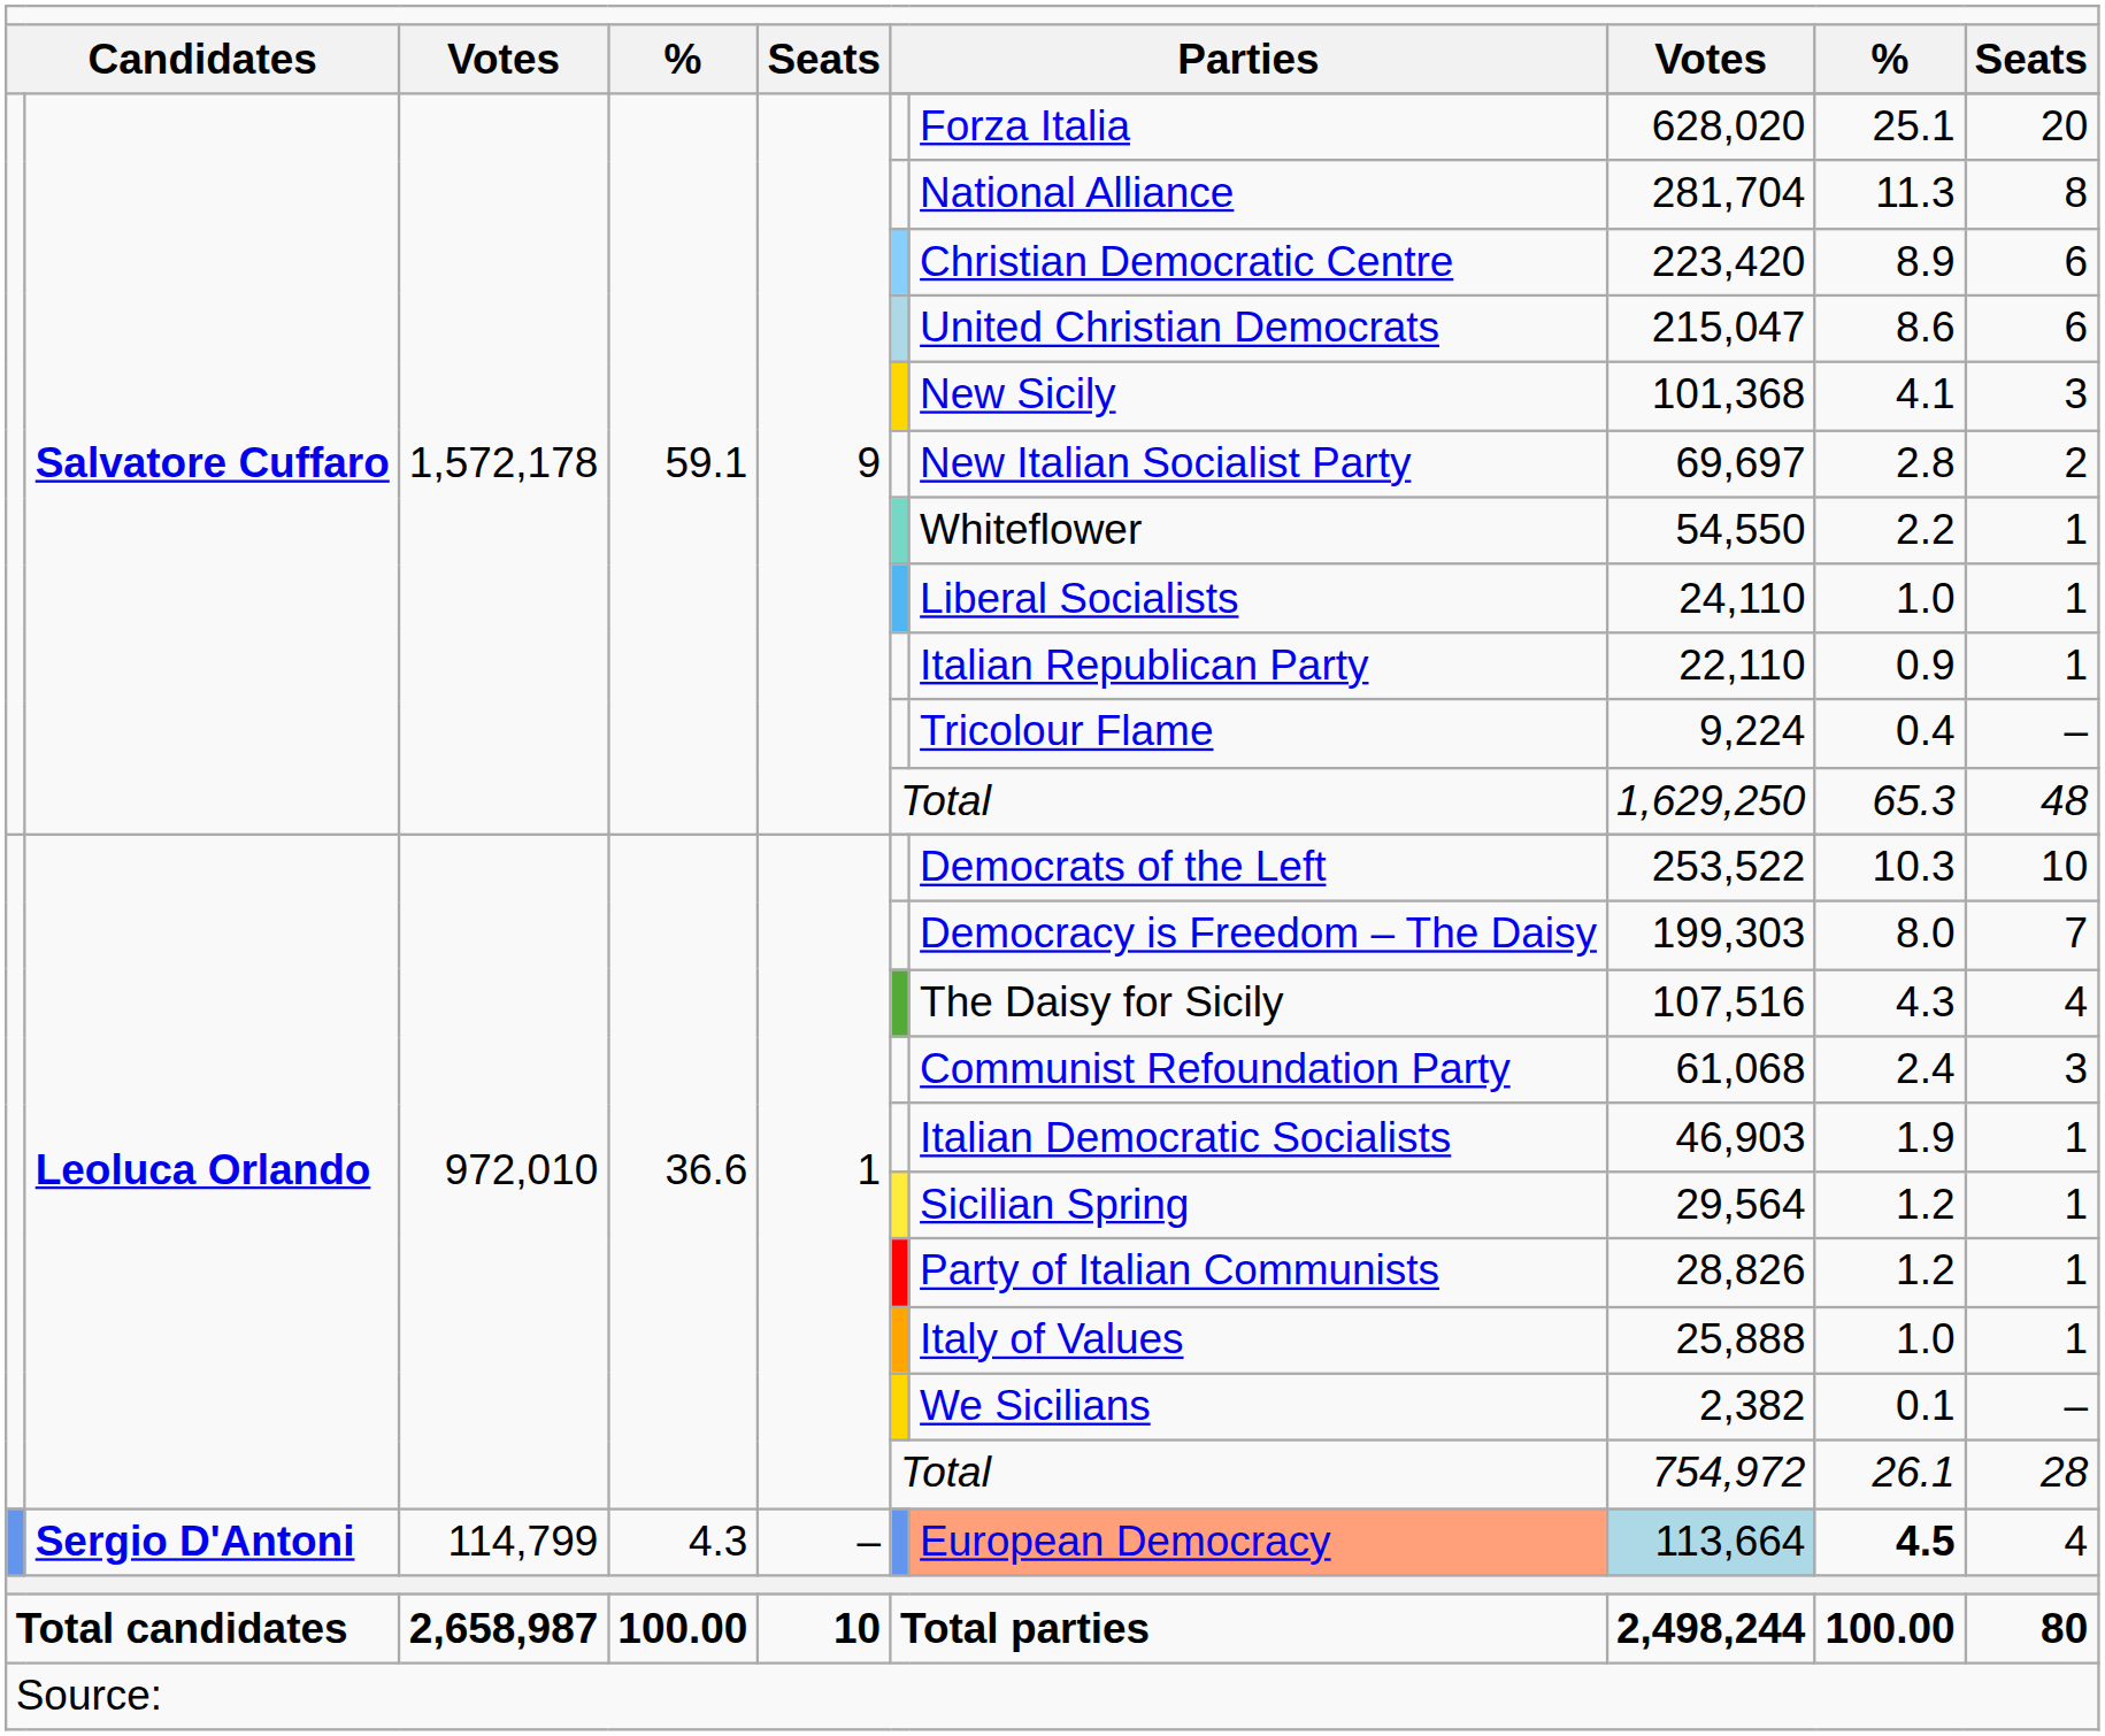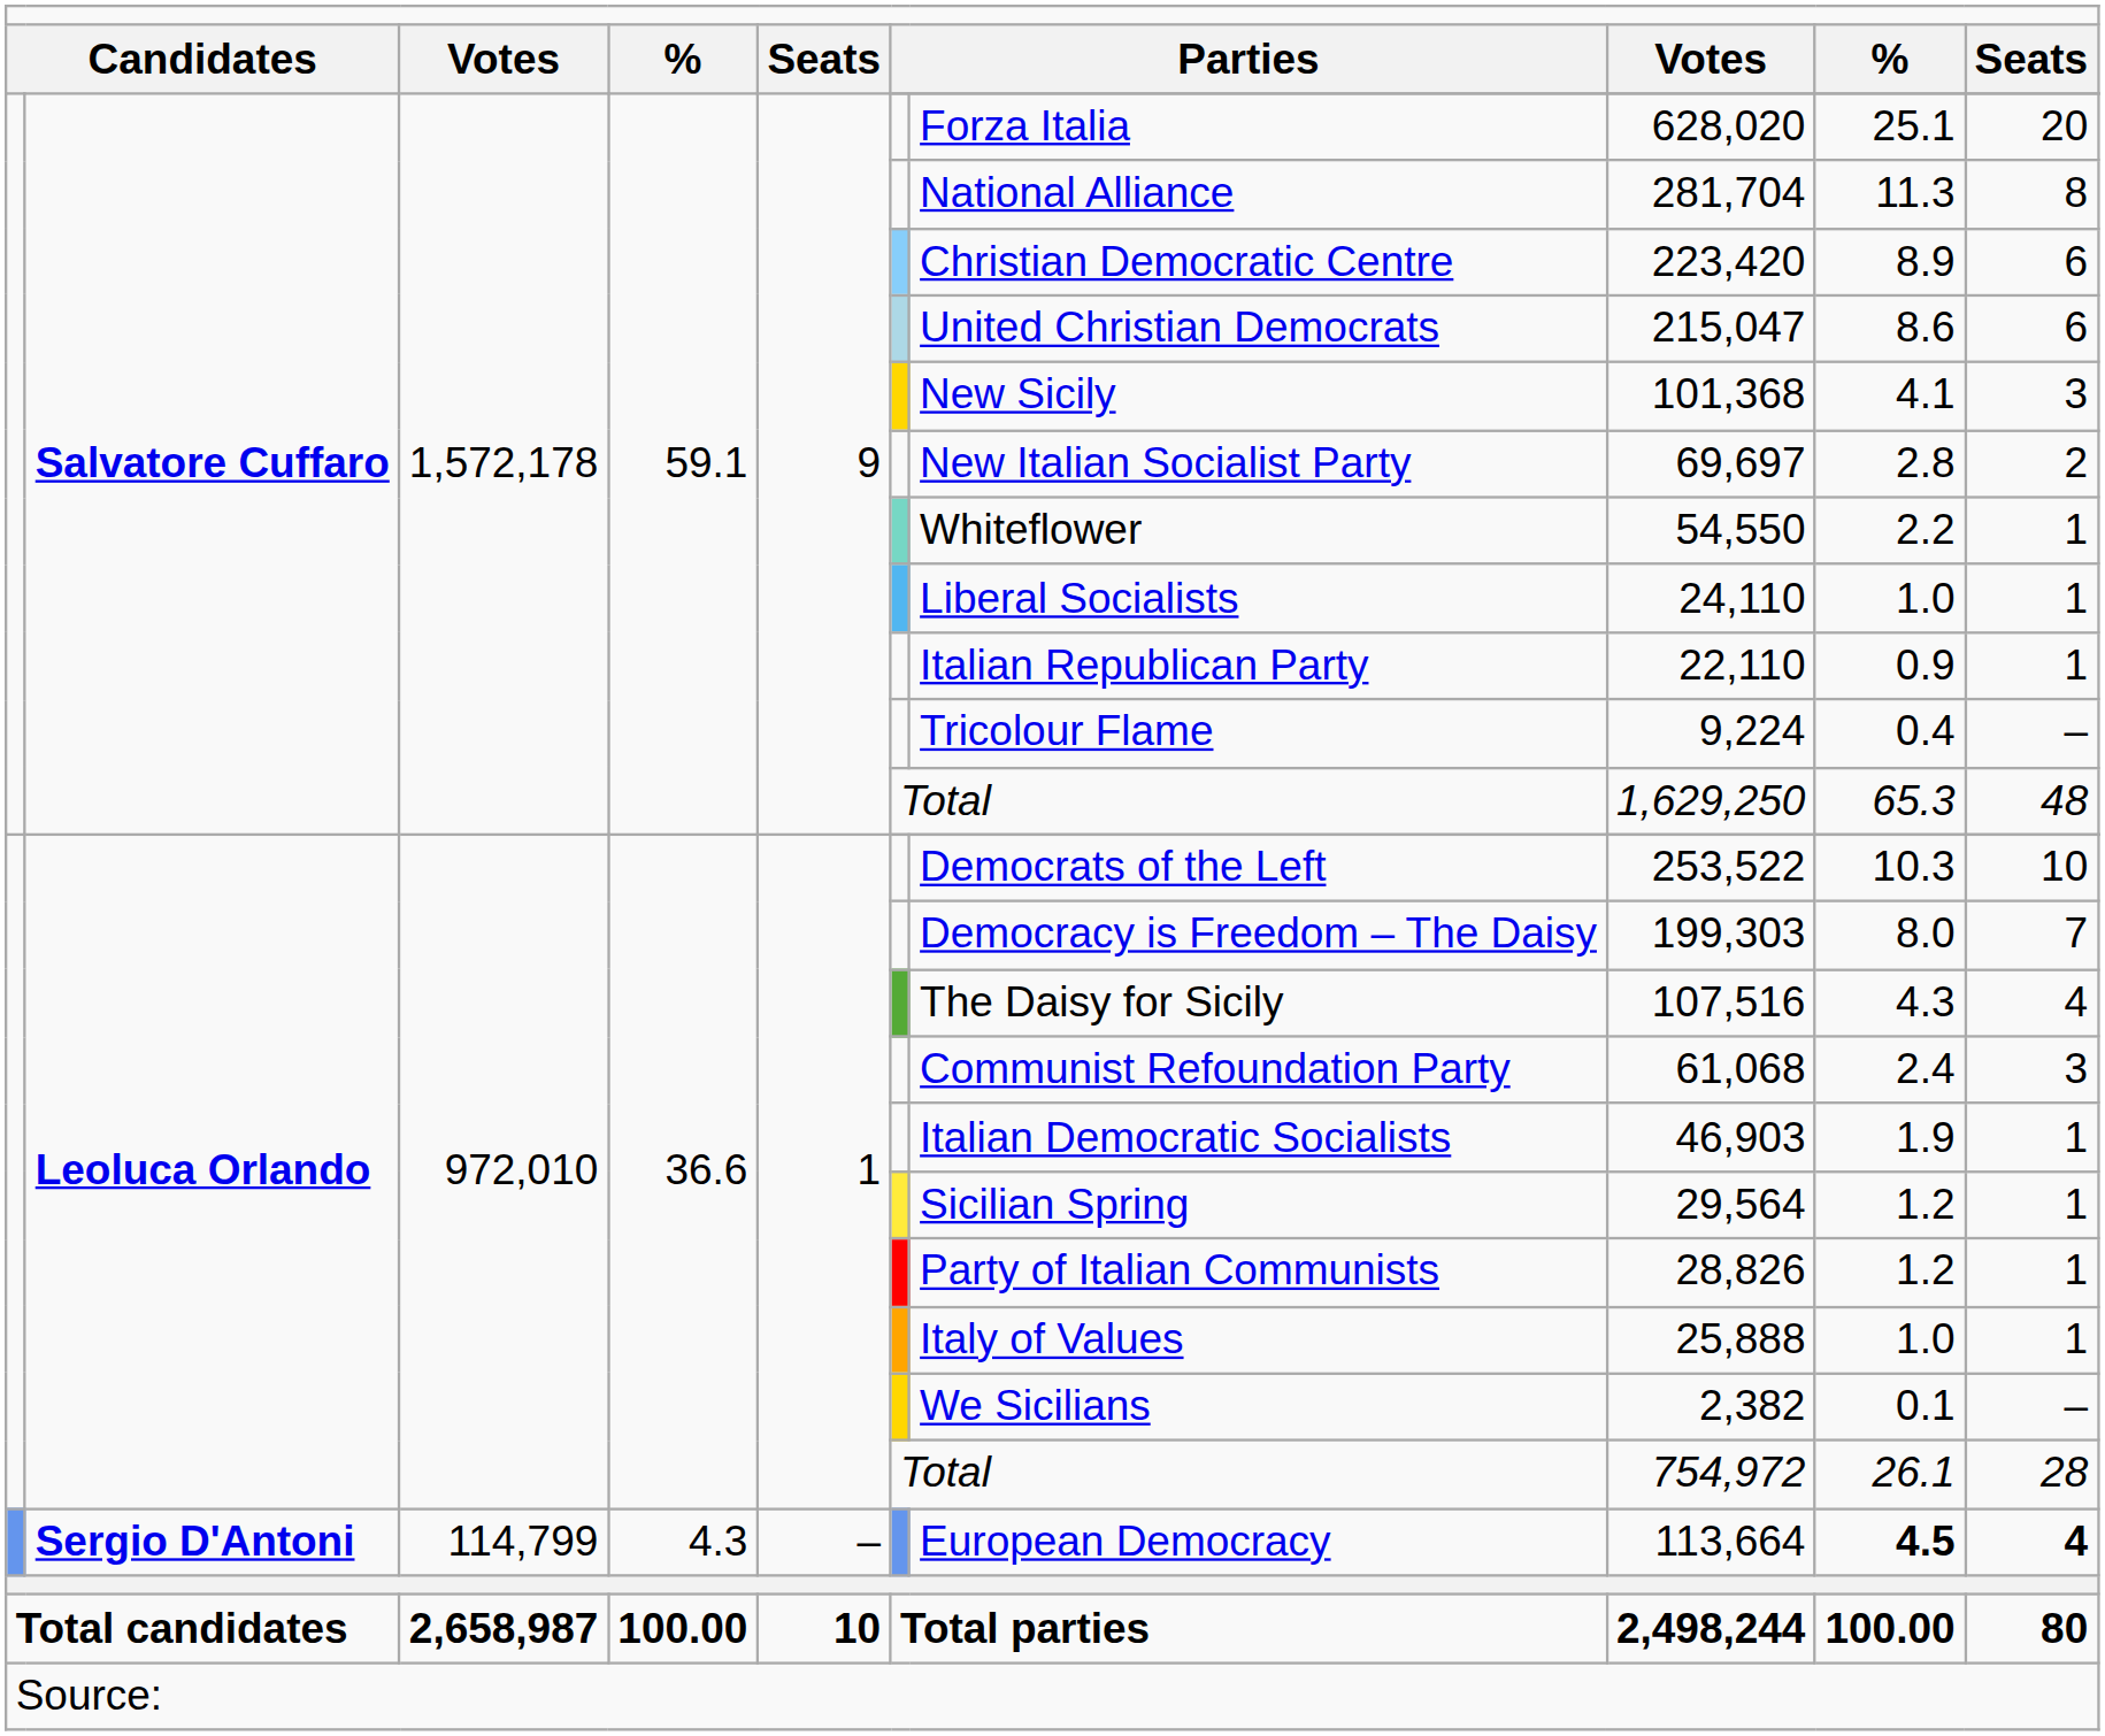 <table class="wikitable">
 <tr>
 <td colspan=10></td>
 </tr>
 <tr>
 <th colspan=2>Candidates</th>
 <th>Votes</th>
 <th>%</th>
 <th>Seats</th>
 <th colspan=2>Parties</th>
 <th>Votes</th>
 <th>%</th>
 <th>Seats</th>
 </tr>
 <tr>
 <td rowspan=12></td>
 <td rowspan=12><strong><a href='#'>Salvatore Cuffaro</a></strong></td>
 <td rowspan=12 align=right>1,572,178</td>
 <td rowspan=12 align=right>59.1</td>
 <td rowspan=12 align=right>9</td>
 </tr>
 <tr>
 <td></td>
 <td><a href='#'>Forza Italia</a></td>
 <td align=right>628,020</td>
 <td align=right>25.1</td>
 <td align=right>20</td>
 </tr>
 <tr>
 <td></td>
 <td><a href='#'>National Alliance</a></td>
 <td align=right>281,704</td>
 <td align=right>11.3</td>
 <td align=right>8</td>
 </tr>
 <tr>
 <td bgcolor="lightskyblue"></td>
 <td><a href='#'>Christian Democratic Centre</a></td>
 <td align=right>223,420</td>
 <td align=right>8.9</td>
 <td align=right>6</td>
 </tr>
 <tr>
 <td bgcolor="lightblue"></td>
 <td><a href='#'>United Christian Democrats</a></td>
 <td align=right>215,047</td>
 <td align=right>8.6</td>
 <td align=right>6</td>
 </tr>
 <tr>
 <td bgcolor="gold"></td>
 <td><a href='#'>New Sicily</a></td>
 <td align=right>101,368</td>
 <td align=right>4.1</td>
 <td align=right>3</td>
 </tr>
 <tr>
 <td></td>
 <td><a href='#'>New Italian Socialist Party</a></td>
 <td align=right>69,697</td>
 <td align=right>2.8</td>
 <td align=right>2</td>
 </tr>
 <tr>
 <td bgcolor="#76D7C4"></td>
 <td>Whiteflower</td>
 <td align=right>54,550</td>
 <td align=right>2.2</td>
 <td align=right>1</td>
 </tr>
 <tr>
 <td bgcolor="#51B6F0"></td>
 <td><a href='#'>Liberal Socialists</a></td>
 <td align=right>24,110</td>
 <td align=right>1.0</td>
 <td align=right>1</td>
 </tr>
 <tr>
 <td></td>
 <td><a href='#'>Italian Republican Party</a></td>
 <td align=right>22,110</td>
 <td align=right>0.9</td>
 <td align=right>1</td>
 </tr>
 <tr>
 <td></td>
 <td><a href='#'>Tricolour Flame</a></td>
 <td align=right>9,224</td>
 <td align=right>0.4</td>
 <td align=right>–</td>
 </tr>
 <tr>
 <td colspan=2><em>Total</em></td>
 <td align=right><em>1,629,250</em></td>
 <td align=right><em>65.3</em></td>
 <td align=right><em>48</em></td>
 </tr>
 <tr>
 <td rowspan=11></td>
 <td rowspan=11><strong><a href='#'>Leoluca Orlando</a></strong></td>
 <td rowspan=11 align=right>972,010</td>
 <td rowspan=11 align=right>36.6</td>
 <td rowspan=11 align=right>1</td>
 </tr>
 <tr>
 <td></td>
 <td><a href='#'>Democrats of the Left</a></td>
 <td align=right>253,522</td>
 <td align=right>10.3</td>
 <td align=right>10</td>
 </tr>
 <tr>
 <td></td>
 <td><a href='#'>Democracy is Freedom – The Daisy</a></td>
 <td align=right>199,303</td>
 <td align=right>8.0</td>
 <td align=right>7</td>
 </tr>
 <tr>
 <td bgcolor="#54AA36"></td>
 <td>The Daisy for Sicily</td>
 <td align=right>107,516</td>
 <td align=right>4.3</td>
 <td align=right>4</td>
 </tr>
 <tr>
 <td></td>
 <td><a href='#'>Communist Refoundation Party</a></td>
 <td align=right>61,068</td>
 <td align=right>2.4</td>
 <td align=right>3</td>
 </tr>
 <tr>
 <td></td>
 <td><a href='#'>Italian Democratic Socialists</a></td>
 <td align=right>46,903</td>
 <td align=right>1.9</td>
 <td align=right>1</td>
 </tr>
 <tr>
 <td bgcolor="#FFEB3B"></td>
 <td><a href='#'>Sicilian Spring</a></td>
 <td align=right>29,564</td>
 <td align=right>1.2</td>
 <td align=right>1</td>
 </tr>
 <tr>
 <td bgcolor="#FF0000"></td>
 <td><a href='#'>Party of Italian Communists</a></td>
 <td align=right>28,826</td>
 <td align=right>1.2</td>
 <td align=right>1</td>
 </tr>
 <tr>
 <td bgcolor="orange"></td>
 <td><a href='#'>Italy of Values</a></td>
 <td align=right>25,888</td>
 <td align=right>1.0</td>
 <td align=right>1</td>
 </tr>
 <tr>
 <td bgcolor="gold"></td>
 <td><a href='#'>We Sicilians</a></td>
 <td align=right>2,382</td>
 <td align=right>0.1</td>
 <td align=right>–</td>
 </tr>
 <tr>
 <td colspan=2><em>Total</em></td>
 <td align=right><em>754,972</em></td>
 <td align=right><em>26.1</em></td>
 <td align=right><em>28</em></td>
 </tr>
 <tr>
 <td bgcolor="#6495ed"></td>
 <td><strong><a href='#'>Sergio D'Antoni</a></strong></td>
 <td align=right>114,799</td>
 <td align=right>4.3</td>
 <td align=right>–</td>
 <td bgcolor="#6495ed"></td>
-<td style="background: lightsalmon;"><a href='#'>European Democracy</a></td>
-<td align=right style="background: lightblue;">113,664</td>
+<td><a href='#'>European Democracy</a></td>
+<td align=right>113,664</td>
 <td align=right><strong>4.5</strong></td>
-<td align=right>4</td>
+<td align=right><strong>4</strong></td>
 </tr>
 <tr>
 <th colspan=10></th>
 </tr>
 <tr>
 <td colspan=2><strong>Total candidates</strong></td>
 <td align=right><strong>2,658,987</strong></td>
 <td align=right><strong>100.00</strong></td>
 <td align=right><strong>10</strong></td>
 <td colspan=2><strong>Total parties</strong></td>
 <td align=right><strong>2,498,244</strong></td>
 <td align=right><strong>100.00</strong></td>
 <td align=right><strong>80 </strong></td>
 </tr>
 <tr>
 <td colspan=10>Source:  </td>
 </tr>
 </table>
